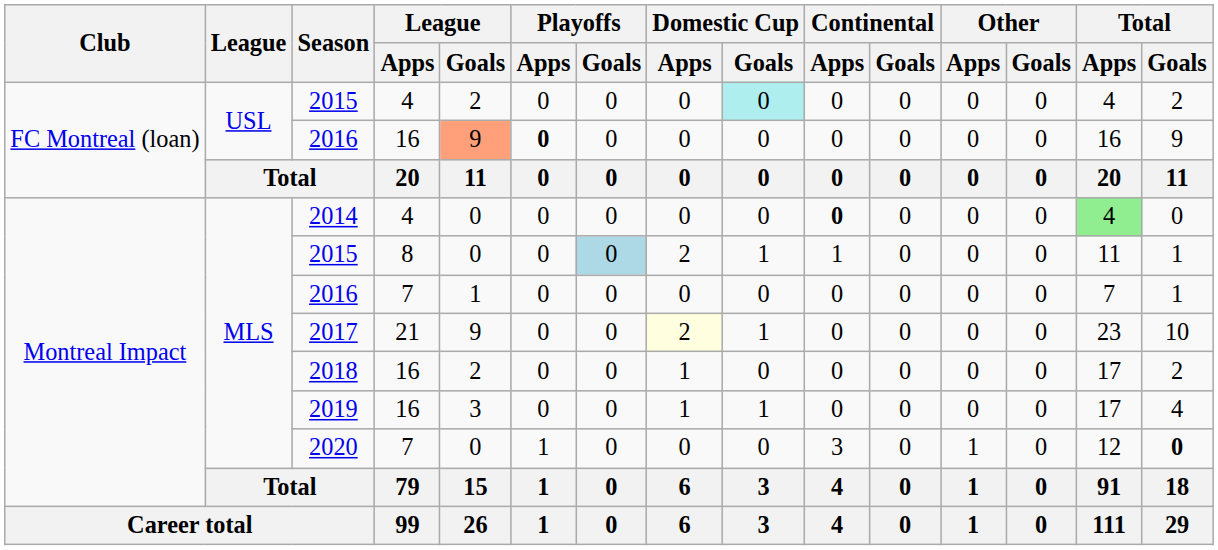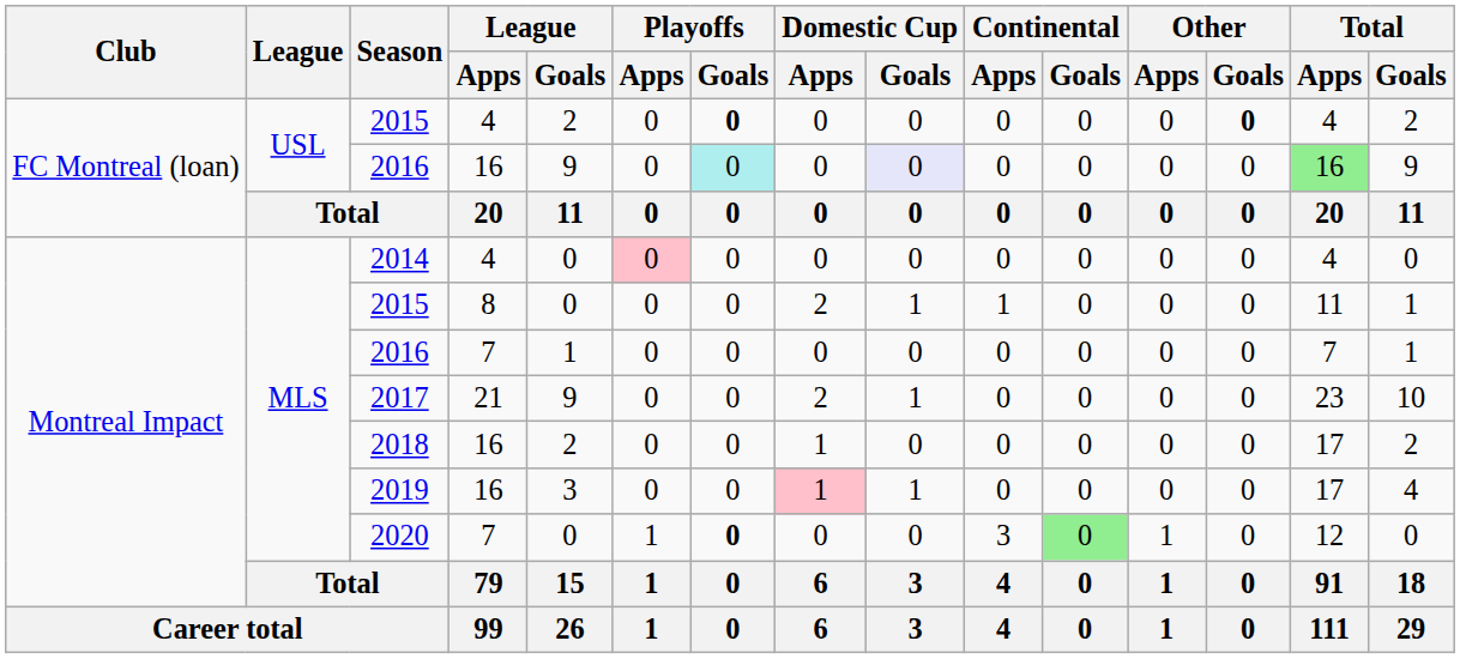 <table class="wikitable" style="text-align: center;">
 <tr>
 <th rowspan="2">Club</th>
 <th rowspan="2">League</th>
 <th rowspan="2">Season</th>
 <th colspan="2">League</th>
 <th colspan="2">Playoffs</th>
 <th colspan="2">Domestic Cup</th>
 <th colspan="2">Continental</th>
 <th colspan="2">Other</th>
 <th colspan="2">Total</th>
 </tr>
 <tr>
 <th>Apps</th>
 <th>Goals</th>
 <th>Apps</th>
 <th>Goals</th>
 <th>Apps</th>
 <th>Goals</th>
 <th>Apps</th>
 <th>Goals</th>
 <th>Apps</th>
 <th>Goals</th>
 <th>Apps</th>
 <th>Goals</th>
 </tr>
 <tr>
 <td rowspan="3"><a href='#'>FC Montreal</a> (loan)</td>
 <td rowspan="2"><a href='#'>USL</a></td>
 <td><a href='#'>2015</a></td>
 <td>4</td>
 <td>2</td>
 <td>0</td>
-<td>0</td>
-<td>0</td>
-<td style="background: paleturquoise;">0</td>
+<td><strong>0</strong></td>
 <td>0</td>
 <td>0</td>
 <td>0</td>
 <td>0</td>
+<td>0</td>
+<td><strong>0</strong></td>
 <td>4</td>
 <td>2</td>
 </tr>
 <tr>
 <td><a href='#'>2016</a></td>
 <td>16</td>
-<td style="background: lightsalmon;">9</td>
-<td><strong>0</strong></td>
+<td>9</td>
+<td>0</td>
+<td style="background: paleturquoise;">0</td>
+<td>0</td>
+<td style="background: lavender;">0</td>
 <td>0</td>
 <td>0</td>
 <td>0</td>
 <td>0</td>
-<td>0</td>
-<td>0</td>
-<td>0</td>
-<td>16</td>
+<td style="background: lightgreen;">16</td>
 <td>9</td>
 </tr>
 <tr>
 <th colspan="2">Total</th>
 <th>20</th>
 <th>11</th>
 <th>0</th>
 <th>0</th>
 <th>0</th>
 <th>0</th>
 <th>0</th>
 <th>0</th>
 <th>0</th>
 <th>0</th>
 <th>20</th>
 <th>11</th>
 </tr>
 <tr>
 <td rowspan="8"><a href='#'>Montreal Impact</a></td>
 <td rowspan="7"><a href='#'>MLS</a></td>
 <td><a href='#'>2014</a></td>
 <td>4</td>
 <td>0</td>
+<td style="background: pink;">0</td>
 <td>0</td>
 <td>0</td>
 <td>0</td>
 <td>0</td>
-<td><strong>0</strong></td>
 <td>0</td>
 <td>0</td>
 <td>0</td>
-<td style="background: lightgreen;">4</td>
+<td>4</td>
 <td>0</td>
 </tr>
 <tr>
 <td><a href='#'>2015</a></td>
 <td>8</td>
 <td>0</td>
 <td>0</td>
-<td style="background: lightblue;">0</td>
+<td>0</td>
 <td>2</td>
 <td>1</td>
 <td>1</td>
 <td>0</td>
 <td>0</td>
 <td>0</td>
 <td>11</td>
 <td>1</td>
 </tr>
 <tr>
 <td><a href='#'>2016</a></td>
 <td>7</td>
 <td>1</td>
 <td>0</td>
 <td>0</td>
 <td>0</td>
 <td>0</td>
 <td>0</td>
 <td>0</td>
 <td>0</td>
 <td>0</td>
 <td>7</td>
 <td>1</td>
 </tr>
 <tr>
 <td><a href='#'>2017</a></td>
 <td>21</td>
 <td>9</td>
 <td>0</td>
 <td>0</td>
-<td style="background: lightyellow;">2</td>
+<td>2</td>
 <td>1</td>
 <td>0</td>
 <td>0</td>
 <td>0</td>
 <td>0</td>
 <td>23</td>
 <td>10</td>
 </tr>
 <tr>
 <td><a href='#'>2018</a></td>
 <td>16</td>
 <td>2</td>
 <td>0</td>
 <td>0</td>
 <td>1</td>
 <td>0</td>
 <td>0</td>
 <td>0</td>
 <td>0</td>
 <td>0</td>
 <td>17</td>
 <td>2</td>
 </tr>
 <tr>
 <td><a href='#'>2019</a></td>
 <td>16</td>
 <td>3</td>
 <td>0</td>
 <td>0</td>
-<td>1</td>
+<td style="background: pink;">1</td>
 <td>1</td>
 <td>0</td>
 <td>0</td>
 <td>0</td>
 <td>0</td>
 <td>17</td>
 <td>4</td>
 </tr>
 <tr>
 <td><a href='#'>2020</a></td>
 <td>7</td>
 <td>0</td>
 <td>1</td>
-<td>0</td>
+<td><strong>0</strong></td>
 <td>0</td>
 <td>0</td>
 <td>3</td>
-<td>0</td>
+<td style="background: lightgreen;">0</td>
 <td>1</td>
 <td>0</td>
 <td>12</td>
-<td><strong>0</strong></td>
+<td>0</td>
 </tr>
 <tr>
 <th colspan="2">Total</th>
 <th>79</th>
 <th>15</th>
 <th>1</th>
 <th>0</th>
 <th>6</th>
 <th>3</th>
 <th>4</th>
 <th>0</th>
 <th>1</th>
 <th>0</th>
 <th>91</th>
 <th>18</th>
 </tr>
 <tr>
 <th colspan="3">Career total</th>
 <th>99</th>
 <th>26</th>
 <th>1</th>
 <th>0</th>
 <th>6</th>
 <th>3</th>
 <th>4</th>
 <th>0</th>
 <th>1</th>
 <th>0</th>
 <th>111</th>
 <th>29</th>
 </tr>
 </table>
